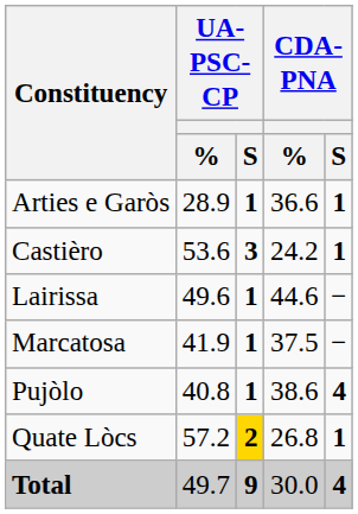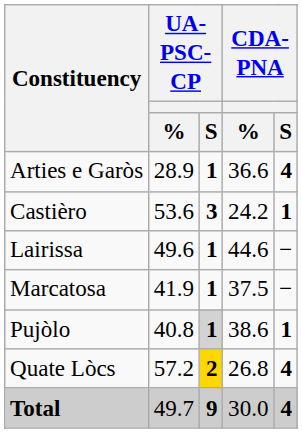 <table class="wikitable sortable" style="text-align:right; line-height:20px;">
 <tr>
 <th rowspan="3">Constituency</th>
 <th colspan="2" width="30px" class="unsortable"><a href='#'>UA-PSC-CP</a></th>
 <th colspan="2" width="30px" class="unsortable"><a href='#'>CDA-PNA</a></th>
 </tr>
 <tr>
 <th colspan="2" style="background:"></th>
 <th colspan="2" style="background:"></th>
 </tr>
 <tr>
 <th data-sort-type="number">%</th>
 <th data-sort-type="number">S</th>
 <th data-sort-type="number">%</th>
 <th data-sort-type="number">S</th>
 </tr>
 <tr>
 <td align="left">Arties e Garòs</td>
 <td>28.9</td>
 <td><strong>1</strong></td>
 <td style="background:">36.6</td>
-<td><strong>1</strong></td>
+<td><strong>4</strong></td>
 </tr>
 <tr>
 <td align="left">Castièro</td>
 <td style="background:">53.6</td>
 <td><strong>3</strong></td>
 <td>24.2</td>
 <td><strong>1</strong></td>
 </tr>
 <tr>
 <td align="left">Lairissa</td>
 <td style="background:">49.6</td>
 <td><strong>1</strong></td>
 <td>44.6</td>
 <td>−</td>
 </tr>
 <tr>
 <td align="left">Marcatosa</td>
 <td style="background:">41.9</td>
 <td><strong>1</strong></td>
 <td>37.5</td>
 <td>−</td>
 </tr>
 <tr>
 <td align="left">Pujòlo</td>
 <td style="background:">40.8</td>
+<td style="background: lightgrey;"><strong>1</strong></td>
+<td>38.6</td>
 <td><strong>1</strong></td>
-<td>38.6</td>
-<td><strong>4</strong></td>
 </tr>
 <tr>
 <td align="left">Quate Lòcs</td>
 <td style="background:">57.2</td>
 <td style="background: gold;"><strong>2</strong></td>
 <td>26.8</td>
-<td><strong>1</strong></td>
+<td><strong>4</strong></td>
 </tr>
 <tr style="background:#CDCDCD;">
 <td align="left"><strong>Total</strong></td>
 <td style="background:">49.7</td>
 <td><strong>9</strong></td>
 <td>30.0</td>
 <td><strong>4</strong></td>
 </tr>
 </table>
